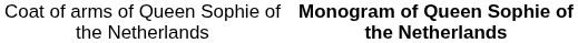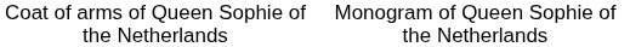 <table border="0" align="center" width="80%">
 <tr>
 <th width=25%></th>
 <th width=25%></th>
 </tr>
 <tr>
 <td style="text-align: center;">Coat of arms of Queen Sophie of the Netherlands</td>
-<td style="text-align: center;"><strong>Monogram of Queen Sophie of the Netherlands</strong></td>
+<td style="text-align: center;">Monogram of Queen Sophie of the Netherlands</td>
 </tr>
 </table>
